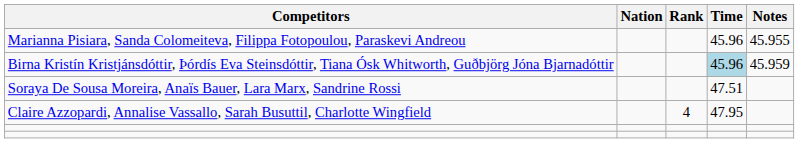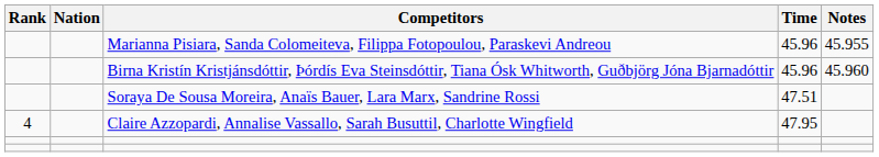 <table class="wikitable sortable" style="text-align:center; font-size:95%">
 <tr>
+<th>Rank</th>
+<th>Nation</th>
 <th>Competitors</th>
-<th>Nation</th>
-<th>Rank</th>
 <th>Time</th>
 <th>Notes</th>
 </tr>
 <tr>
+<td></td>
+<td align=left></td>
 <td align=left><a href='#'>Marianna Pisiara</a>, <a href='#'>Sanda Colomeiteva</a>, <a href='#'>Filippa Fotopoulou</a>, <a href='#'>Paraskevi Andreou</a></td>
-<td align=left></td>
-<td></td>
 <td>45.96</td>
 <td>45.955</td>
 </tr>
 <tr>
+<td></td>
+<td align=left></td>
 <td align=left><a href='#'>Birna Kristín Kristjánsdóttir</a>, <a href='#'>Þórdís Eva Steinsdóttir</a>, <a href='#'>Tiana Ósk Whitworth</a>, <a href='#'>Guðbjörg Jóna Bjarnadóttir</a></td>
-<td align=left></td>
-<td></td>
-<td style="background: lightblue;">45.96</td>
-<td>45.959</td>
+<td>45.96</td>
+<td>45.960</td>
 </tr>
 <tr>
+<td></td>
+<td align=left></td>
 <td align=left><a href='#'>Soraya De Sousa Moreira</a>, <a href='#'>Anaïs Bauer</a>, <a href='#'>Lara Marx</a>, <a href='#'>Sandrine Rossi</a></td>
-<td align=left></td>
-<td></td>
 <td>47.51</td>
 <td></td>
 </tr>
 <tr>
+<td>4</td>
+<td align=left></td>
 <td align=left><a href='#'>Claire Azzopardi</a>, <a href='#'>Annalise Vassallo</a>, <a href='#'>Sarah Busuttil</a>, <a href='#'>Charlotte Wingfield</a></td>
-<td align=left></td>
-<td>4</td>
 <td>47.95</td>
 <td></td>
 </tr>
 <tr>
+<td></td>
 <td align=left></td>
 <td align=left></td>
 <td></td>
 <td></td>
-<td></td>
 </tr>
 <tr>
+<td></td>
 <td align=left></td>
 <td align=left></td>
 <td></td>
 <td></td>
-<td></td>
 </tr>
 </table>
